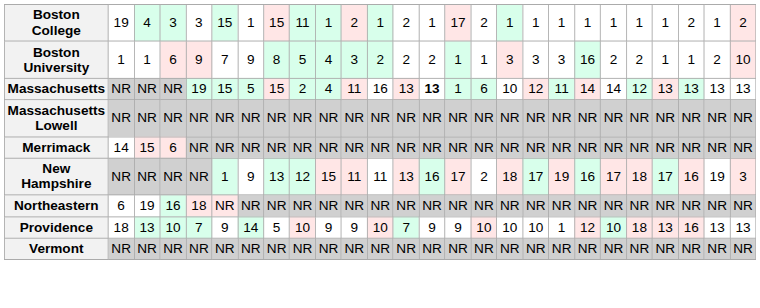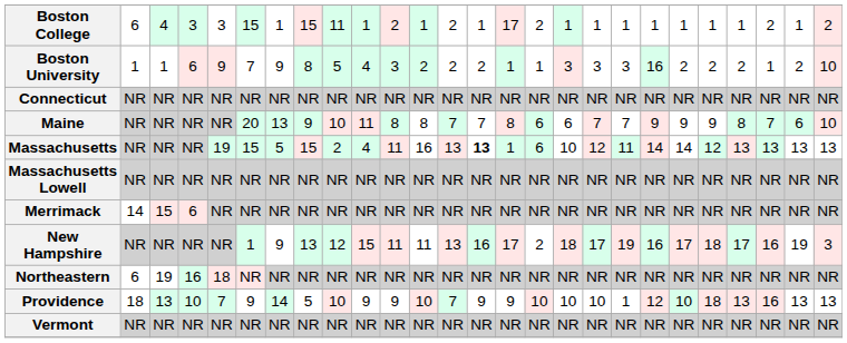 <table class="wikitable sortable" style="text-align: center;">
 <tr>
 </tr>
 <tr bgcolor=d0d0d0>
 <th>Boston College</th>
-<td bgcolor=ffffff>19</td>
+<td bgcolor=ffffff>6</td>
 <td bgcolor=D8FFEB>4</td>
 <td bgcolor=D8FFEB>3</td>
 <td bgcolor=ffffff>3</td>
 <td bgcolor=D8FFEB>15</td>
 <td bgcolor=ffffff>1</td>
 <td bgcolor=FFE6E6>15</td>
 <td bgcolor=D8FFEB>11</td>
 <td bgcolor=D8FFEB>1</td>
 <td bgcolor=FFE6E6>2</td>
 <td bgcolor=D8FFEB>1</td>
 <td bgcolor=ffffff>2</td>
 <td bgcolor=ffffff>1</td>
 <td bgcolor=FFE6E6>17</td>
 <td bgcolor=ffffff>2</td>
 <td bgcolor=D8FFEB>1</td>
 <td bgcolor=ffffff>1</td>
 <td bgcolor=ffffff>1</td>
 <td bgcolor=ffffff>1</td>
 <td bgcolor=ffffff>1</td>
 <td bgcolor=ffffff>1</td>
 <td bgcolor=ffffff>1</td>
 <td bgcolor=ffffff>2</td>
 <td bgcolor=ffffff>1</td>
 <td bgcolor=FFE6E6>2</td>
 </tr>
 <tr bgcolor=d0d0d0>
 <th>Boston University</th>
 <td bgcolor=ffffff>1</td>
 <td bgcolor=ffffff>1</td>
 <td bgcolor=FFE6E6>6</td>
 <td bgcolor=FFE6E6>9</td>
 <td bgcolor=ffffff>7</td>
 <td bgcolor=ffffff>9</td>
 <td bgcolor=D8FFEB>8</td>
 <td bgcolor=D8FFEB>5</td>
 <td bgcolor=D8FFEB>4</td>
 <td bgcolor=D8FFEB>3</td>
 <td bgcolor=D8FFEB>2</td>
 <td bgcolor=ffffff>2</td>
 <td bgcolor=ffffff>2</td>
 <td bgcolor=D8FFEB>1</td>
 <td bgcolor=ffffff>1</td>
 <td bgcolor=FFE6E6>3</td>
 <td bgcolor=ffffff>3</td>
 <td bgcolor=ffffff>3</td>
 <td bgcolor=D8FFEB>16</td>
 <td bgcolor=ffffff>2</td>
 <td bgcolor=ffffff>2</td>
-<td bgcolor=ffffff>1</td>
+<td bgcolor=ffffff>2</td>
 <td bgcolor=ffffff>1</td>
 <td bgcolor=ffffff>2</td>
+<td bgcolor=FFE6E6>10</td>
+</tr>
+<tr bgcolor=d0d0d0>
+<th>Connecticut</th>
+<td>NR</td>
+<td>NR</td>
+<td>NR</td>
+<td>NR</td>
+<td>NR</td>
+<td>NR</td>
+<td>NR</td>
+<td>NR</td>
+<td>NR</td>
+<td>NR</td>
+<td>NR</td>
+<td>NR</td>
+<td>NR</td>
+<td>NR</td>
+<td>NR</td>
+<td>NR</td>
+<td>NR</td>
+<td>NR</td>
+<td>NR</td>
+<td>NR</td>
+<td>NR</td>
+<td>NR</td>
+<td>NR</td>
+<td>NR</td>
+<td>NR</td>
+</tr>
+<tr bgcolor=d0d0d0>
+<th>Maine</th>
+<td>NR</td>
+<td>NR</td>
+<td>NR</td>
+<td>NR</td>
+<td bgcolor=D8FFEB>20</td>
+<td bgcolor=D8FFEB>13</td>
+<td bgcolor=D8FFEB>9</td>
+<td bgcolor=FFE6E6>10</td>
+<td bgcolor=FFE6E6>11</td>
+<td bgcolor=D8FFEB>8</td>
+<td bgcolor=ffffff>8</td>
+<td bgcolor=D8FFEB>7</td>
+<td bgcolor=ffffff>7</td>
+<td bgcolor=FFE6E6>8</td>
+<td bgcolor=D8FFEB>6</td>
+<td bgcolor=ffffff>6</td>
+<td bgcolor=FFE6E6>7</td>
+<td bgcolor=ffffff>7</td>
+<td bgcolor=FFE6E6>9</td>
+<td bgcolor=ffffff>9</td>
+<td bgcolor=ffffff>9</td>
+<td bgcolor=D8FFEB>8</td>
+<td bgcolor=D8FFEB>7</td>
+<td bgcolor=D8FFEB>6</td>
 <td bgcolor=FFE6E6>10</td>
 </tr>
 <tr bgcolor=d0d0d0>
 <th>Massachusetts</th>
 <td>NR</td>
 <td>NR</td>
 <td>NR</td>
 <td bgcolor=D8FFEB>19</td>
 <td bgcolor=D8FFEB>15</td>
 <td bgcolor=D8FFEB>5</td>
 <td bgcolor=FFE6E6>15</td>
 <td bgcolor=D8FFEB>2</td>
 <td bgcolor=D8FFEB>4</td>
 <td bgcolor=FFE6E6>11</td>
 <td bgcolor=ffffff>16</td>
 <td bgcolor=FFE6E6>13</td>
 <td bgcolor=ffffff><strong>13</strong></td>
 <td bgcolor=D8FFEB>1</td>
 <td bgcolor=D8FFEB>6</td>
 <td bgcolor=ffffff>10</td>
 <td bgcolor=FFE6E6>12</td>
 <td bgcolor=D8FFEB>11</td>
 <td bgcolor=FFE6E6>14</td>
 <td bgcolor=ffffff>14</td>
 <td bgcolor=D8FFEB>12</td>
 <td bgcolor=FFE6E6>13</td>
 <td bgcolor=D8FFEB>13</td>
 <td bgcolor=ffffff>13</td>
 <td bgcolor=ffffff>13</td>
 </tr>
 <tr bgcolor=d0d0d0>
 <th>Massachusetts Lowell</th>
 <td>NR</td>
 <td>NR</td>
 <td>NR</td>
 <td>NR</td>
 <td>NR</td>
 <td>NR</td>
 <td>NR</td>
 <td>NR</td>
 <td>NR</td>
 <td>NR</td>
 <td>NR</td>
 <td>NR</td>
 <td>NR</td>
 <td>NR</td>
 <td>NR</td>
 <td>NR</td>
 <td>NR</td>
 <td>NR</td>
 <td>NR</td>
 <td>NR</td>
 <td>NR</td>
 <td>NR</td>
 <td>NR</td>
 <td>NR</td>
 <td>NR</td>
 </tr>
 <tr bgcolor=d0d0d0>
 <th>Merrimack</th>
 <td bgcolor=ffffff>14</td>
 <td bgcolor=FFE6E6>15</td>
 <td bgcolor=FFE6E6>6</td>
 <td>NR</td>
 <td>NR</td>
 <td>NR</td>
 <td>NR</td>
 <td>NR</td>
 <td>NR</td>
 <td>NR</td>
 <td>NR</td>
 <td>NR</td>
 <td>NR</td>
 <td>NR</td>
 <td>NR</td>
 <td>NR</td>
 <td>NR</td>
 <td>NR</td>
 <td>NR</td>
 <td>NR</td>
 <td>NR</td>
 <td>NR</td>
 <td>NR</td>
 <td>NR</td>
 <td>NR</td>
 </tr>
 <tr bgcolor=d0d0d0>
 <th>New Hampshire</th>
 <td>NR</td>
 <td>NR</td>
 <td>NR</td>
 <td>NR</td>
 <td bgcolor=D8FFEB>1</td>
 <td bgcolor=ffffff>9</td>
 <td bgcolor=D8FFEB>13</td>
 <td bgcolor=D8FFEB>12</td>
 <td bgcolor=FFE6E6>15</td>
 <td bgcolor=FFE6E6>11</td>
 <td bgcolor=ffffff>11</td>
 <td bgcolor=FFE6E6>13</td>
 <td bgcolor=D8FFEB>16</td>
 <td bgcolor=FFE6E6>17</td>
 <td bgcolor=ffffff>2</td>
 <td bgcolor=FFE6E6>18</td>
 <td bgcolor=D8FFEB>17</td>
 <td bgcolor=FFE6E6>19</td>
 <td bgcolor=D8FFEB>16</td>
 <td bgcolor=FFE6E6>17</td>
 <td bgcolor=FFE6E6>18</td>
 <td bgcolor=D8FFEB>17</td>
 <td bgcolor=FFE6E6>16</td>
 <td bgcolor=ffffff>19</td>
 <td bgcolor=FFE6E6>3</td>
 </tr>
 <tr bgcolor=d0d0d0>
 <th>Northeastern</th>
 <td bgcolor=ffffff>6</td>
 <td bgcolor=ffffff>19</td>
 <td bgcolor=D8FFEB>16</td>
 <td bgcolor=FFE6E6>18</td>
 <td bgcolor=FFE6E6>NR</td>
 <td>NR</td>
 <td>NR</td>
 <td>NR</td>
 <td>NR</td>
 <td>NR</td>
 <td>NR</td>
 <td>NR</td>
 <td>NR</td>
 <td>NR</td>
 <td>NR</td>
 <td>NR</td>
 <td>NR</td>
 <td>NR</td>
 <td>NR</td>
 <td>NR</td>
 <td>NR</td>
 <td>NR</td>
 <td>NR</td>
 <td>NR</td>
 <td>NR</td>
 </tr>
 <tr bgcolor=d0d0d0>
 <th>Providence</th>
 <td bgcolor=ffffff>18</td>
 <td bgcolor=D8FFEB>13</td>
 <td bgcolor=D8FFEB>10</td>
 <td bgcolor=D8FFEB>7</td>
 <td bgcolor=ffffff>9</td>
 <td bgcolor=D8FFEB>14</td>
 <td bgcolor=ffffff>5</td>
 <td bgcolor=FFE6E6>10</td>
 <td bgcolor=ffffff>9</td>
 <td bgcolor=ffffff>9</td>
 <td bgcolor=FFE6E6>10</td>
 <td bgcolor=D8FFEB>7</td>
 <td bgcolor=ffffff>9</td>
 <td bgcolor=ffffff>9</td>
 <td bgcolor=FFE6E6>10</td>
 <td bgcolor=ffffff>10</td>
 <td bgcolor=ffffff>10</td>
 <td bgcolor=ffffff>1</td>
 <td bgcolor=FFE6E6>12</td>
 <td bgcolor=D8FFEB>10</td>
 <td bgcolor=FFE6E6>18</td>
 <td bgcolor=FFE6E6>13</td>
 <td bgcolor=FFE6E6>16</td>
 <td bgcolor=ffffff>13</td>
 <td bgcolor=ffffff>13</td>
 </tr>
 <tr bgcolor=d0d0d0>
 <th>Vermont</th>
 <td>NR</td>
 <td>NR</td>
 <td>NR</td>
 <td>NR</td>
 <td>NR</td>
 <td>NR</td>
 <td>NR</td>
 <td>NR</td>
 <td>NR</td>
 <td>NR</td>
 <td>NR</td>
 <td>NR</td>
 <td>NR</td>
 <td>NR</td>
 <td>NR</td>
 <td>NR</td>
 <td>NR</td>
 <td>NR</td>
 <td>NR</td>
 <td>NR</td>
 <td>NR</td>
 <td>NR</td>
 <td>NR</td>
 <td>NR</td>
 <td>NR</td>
 </tr>
 <tr>
 </tr>
 </table>
